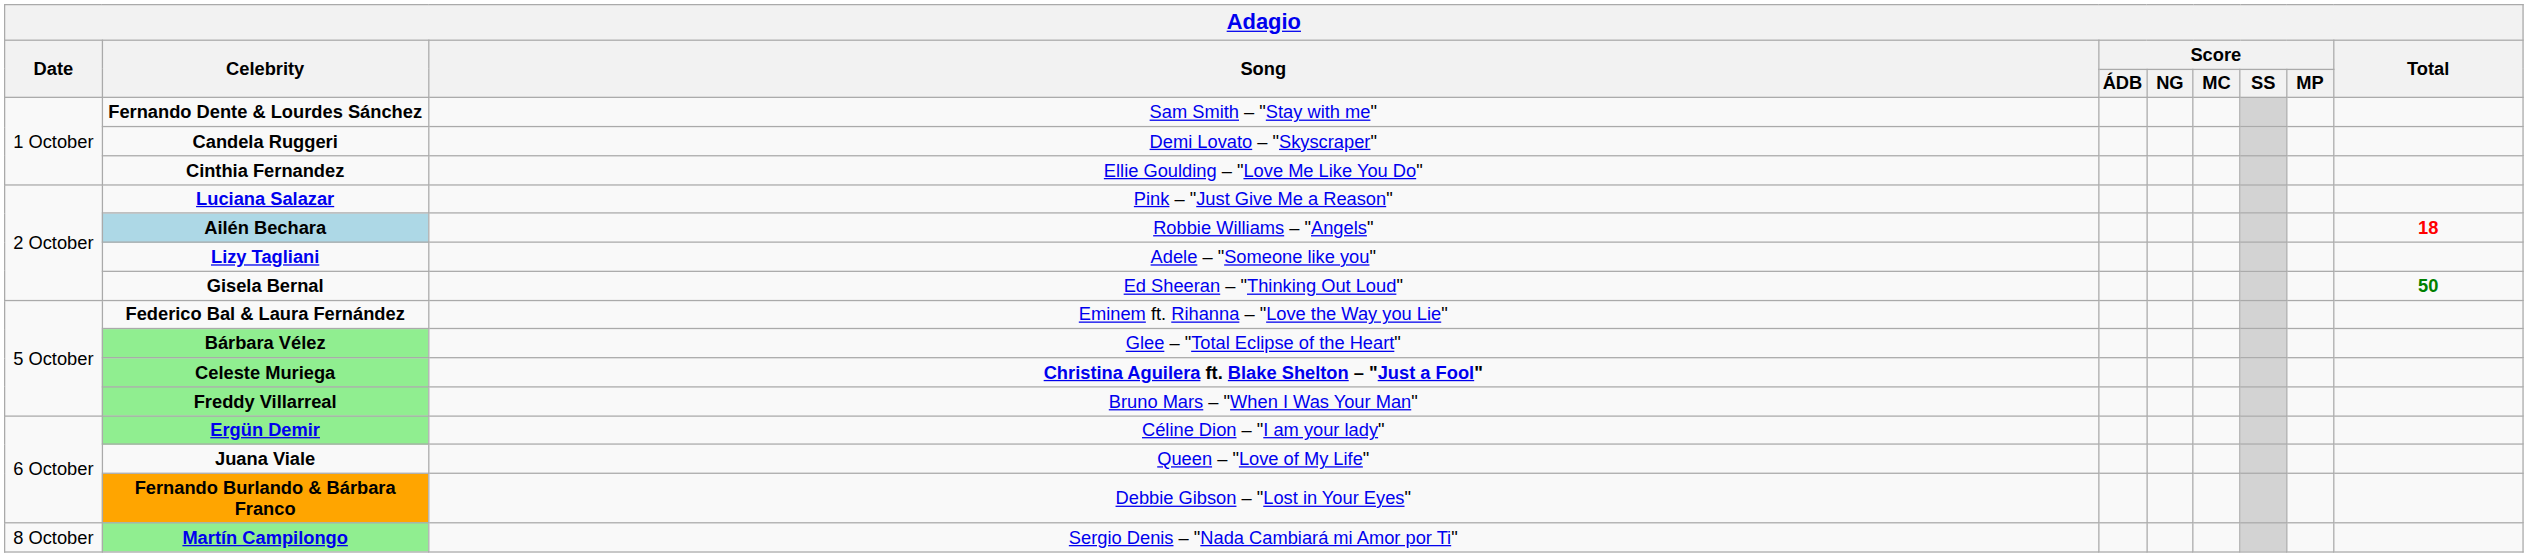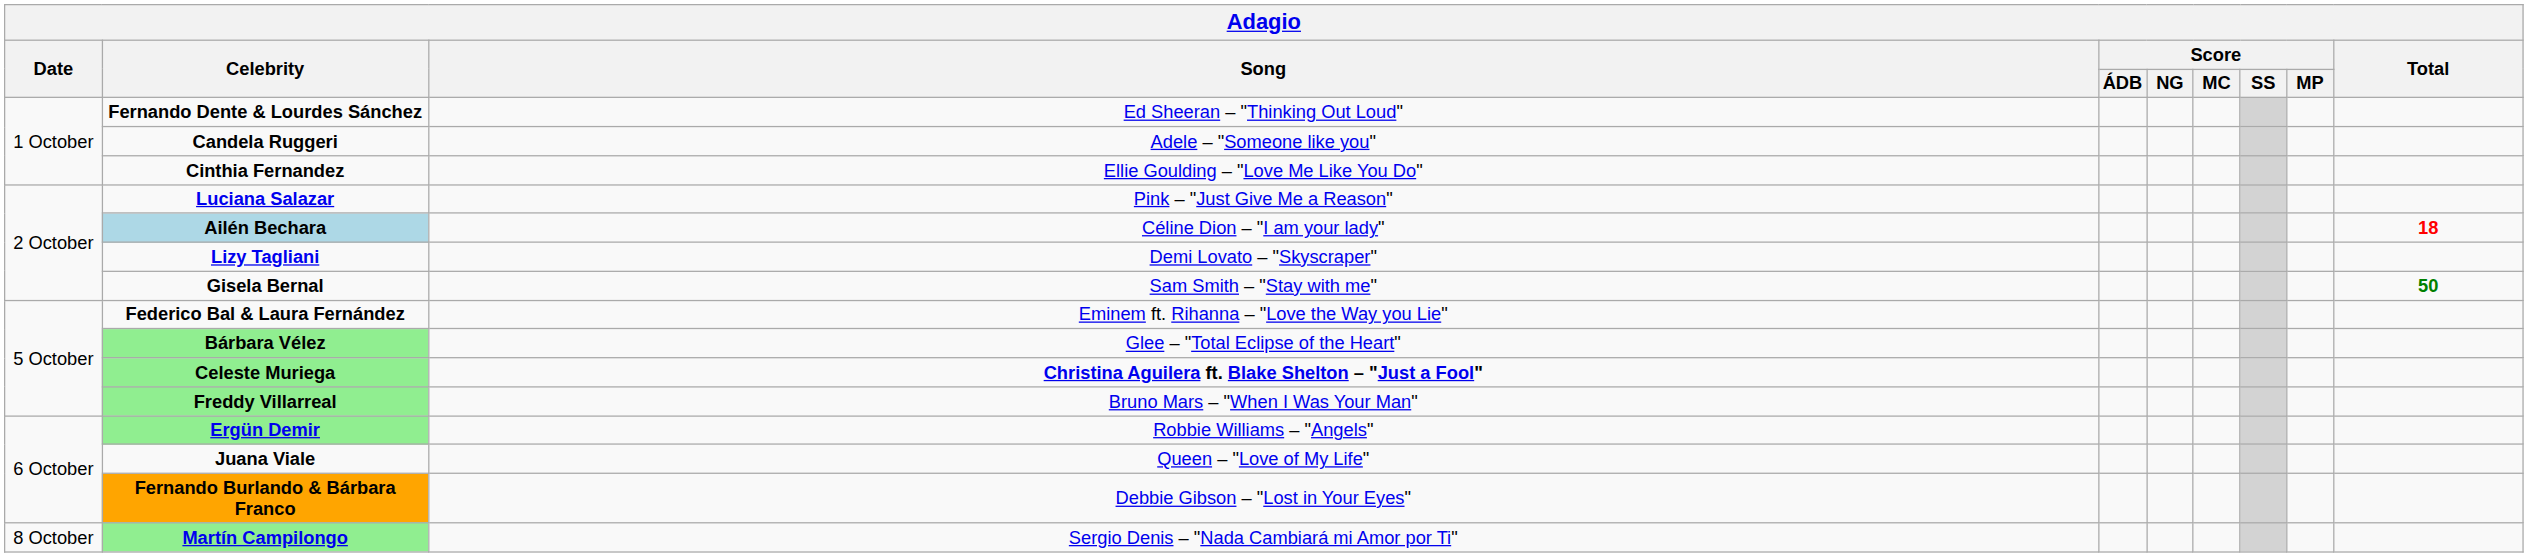 <table class="wikitable collapsible collapsed" style="font-size:90%; text-align: center; width: 100%;">
 <tr>
 <th colspan="11" style="with: 95%;" align=center><big><a href='#'>Adagio</a></big></th>
 </tr>
 <tr>
 <th width=70 rowspan="2">Date</th>
 <th width=250 rowspan="2">Celebrity</th>
 <th rowspan="2">Song</th>
 <th colspan="5">Score</th>
 <th rowspan="2">Total</th>
 </tr>
 <tr>
 <th width=30>ÁDB</th>
 <th width=30>NG</th>
 <th width=30>MC</th>
 <th width=30>SS</th>
 <th width=30>MP</th>
 </tr>
 <tr>
 <td rowspan=3>1 October</td>
 <td><strong>Fernando Dente & Lourdes Sánchez</strong></td>
-<td><a href='#'>Sam Smith</a> – "<a href='#'>Stay with me</a>"</td>
+<td><a href='#'>Ed Sheeran</a> – "<a href='#'>Thinking Out Loud</a>"</td>
 <td></td>
 <td></td>
 <td></td>
 <td bgcolor="lightgray"></td>
 <td></td>
 <td></td>
 </tr>
 <tr>
 <td><strong>Candela Ruggeri</strong></td>
-<td><a href='#'>Demi Lovato</a> – "<a href='#'>Skyscraper</a>"</td>
+<td><a href='#'>Adele</a> – "<a href='#'>Someone like you</a>"</td>
 <td></td>
 <td></td>
 <td></td>
 <td bgcolor="lightgray"></td>
 <td></td>
 <td></td>
 </tr>
 <tr>
 <td><strong>Cinthia Fernandez</strong></td>
 <td><a href='#'>Ellie Goulding</a> – "<a href='#'>Love Me Like You Do</a>"</td>
 <td></td>
 <td></td>
 <td></td>
 <td bgcolor="lightgray"></td>
 <td></td>
 <td></td>
 </tr>
 <tr>
 <td rowspan=4>2 October</td>
 <td><strong><a href='#'>Luciana Salazar</a></strong></td>
 <td><a href='#'>Pink</a> – "<a href='#'>Just Give Me a Reason</a>"</td>
 <td></td>
 <td></td>
 <td></td>
 <td bgcolor="lightgray"></td>
 <td></td>
 <td></td>
 </tr>
 <tr>
 <td style="background:lightblue;"><strong>Ailén Bechara</strong></td>
-<td><a href='#'>Robbie Williams</a> – "<a href='#'>Angels</a>"</td>
+<td><a href='#'>Céline Dion</a> – "<a href='#'>I am your lady</a>"</td>
 <td></td>
 <td></td>
 <td></td>
 <td bgcolor="lightgray"></td>
 <td></td>
 <td style="text-align:center; color:red;"><strong>18</strong></td>
 </tr>
 <tr>
 <td><strong><a href='#'>Lizy Tagliani</a></strong></td>
-<td><a href='#'>Adele</a> – "<a href='#'>Someone like you</a>"</td>
+<td><a href='#'>Demi Lovato</a> – "<a href='#'>Skyscraper</a>"</td>
 <td></td>
 <td></td>
 <td></td>
 <td bgcolor="lightgray"></td>
 <td></td>
 <td></td>
 </tr>
 <tr>
 <td><strong>Gisela Bernal</strong></td>
-<td><a href='#'>Ed Sheeran</a> – "<a href='#'>Thinking Out Loud</a>"</td>
+<td><a href='#'>Sam Smith</a> – "<a href='#'>Stay with me</a>"</td>
 <td></td>
 <td></td>
 <td></td>
 <td bgcolor="lightgray"></td>
 <td></td>
 <td style="text-align:center; color:green;"><strong>50</strong></td>
 </tr>
 <tr>
 <td rowspan=4>5 October</td>
 <td><strong>Federico Bal & Laura Fernández</strong></td>
 <td><a href='#'>Eminem</a> ft. <a href='#'>Rihanna</a> – "<a href='#'>Love the Way you Lie</a>"</td>
 <td></td>
 <td></td>
 <td></td>
 <td bgcolor="lightgray"></td>
 <td></td>
 <td></td>
 </tr>
 <tr>
 <td style="background:lightgreen;"><strong>Bárbara Vélez</strong></td>
 <td><a href='#'>Glee</a> – "<a href='#'>Total Eclipse of the Heart</a>"</td>
 <td></td>
 <td></td>
 <td></td>
 <td bgcolor="lightgray"></td>
 <td></td>
 <td></td>
 </tr>
 <tr>
 <td style="background:lightgreen;"><strong>Celeste Muriega</strong></td>
 <td><strong><a href='#'>Christina Aguilera</a> ft. <a href='#'>Blake Shelton</a> – "<a href='#'>Just a Fool</a>"</strong></td>
 <td></td>
 <td></td>
 <td></td>
 <td bgcolor="lightgray"></td>
 <td></td>
 <td></td>
 </tr>
 <tr>
 <td style="background:lightgreen;"><strong>Freddy Villarreal</strong></td>
 <td><a href='#'>Bruno Mars</a> – "<a href='#'>When I Was Your Man</a>"</td>
 <td></td>
 <td></td>
 <td></td>
 <td bgcolor="lightgray"></td>
 <td></td>
 <td></td>
 </tr>
 <tr>
 <td rowspan=3>6 October</td>
 <td style="background:lightgreen;"><strong><a href='#'>Ergün Demir</a></strong></td>
-<td><a href='#'>Céline Dion</a> – "<a href='#'>I am your lady</a>"</td>
+<td><a href='#'>Robbie Williams</a> – "<a href='#'>Angels</a>"</td>
 <td></td>
 <td></td>
 <td></td>
 <td bgcolor="lightgray"></td>
 <td></td>
 <td></td>
 </tr>
 <tr>
 <td><strong>Juana Viale</strong></td>
 <td><a href='#'>Queen</a> – "<a href='#'>Love of My Life</a>"</td>
 <td></td>
 <td></td>
 <td></td>
 <td bgcolor="lightgray"></td>
 <td></td>
 <td></td>
 </tr>
 <tr>
 <td style="background:Orange;"><strong>Fernando Burlando & Bárbara Franco</strong></td>
 <td><a href='#'>Debbie Gibson</a> – "<a href='#'>Lost in Your Eyes</a>"</td>
 <td></td>
 <td></td>
 <td></td>
 <td bgcolor="lightgray"></td>
 <td></td>
 <td></td>
 </tr>
 <tr>
 <td rowspan=1>8 October</td>
 <td style="background:lightgreen;"><strong><a href='#'>Martín Campilongo</a></strong></td>
 <td><a href='#'>Sergio Denis</a> – "<a href='#'>Nada Cambiará mi Amor por Ti</a>"</td>
 <td></td>
 <td></td>
 <td></td>
 <td bgcolor="lightgray"></td>
 <td></td>
 <td></td>
 </tr>
 </table>
